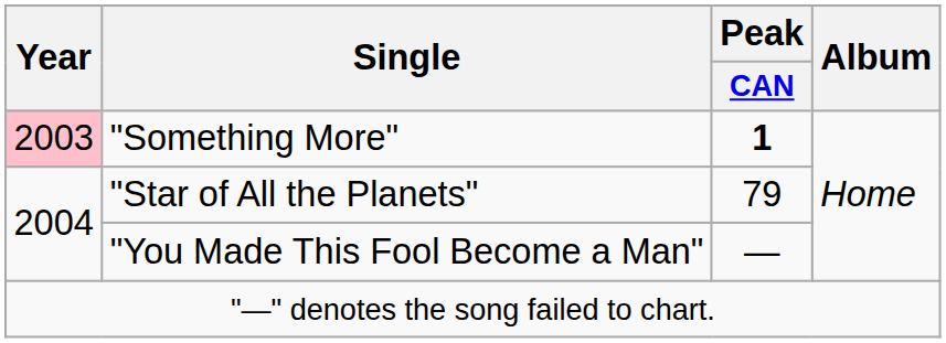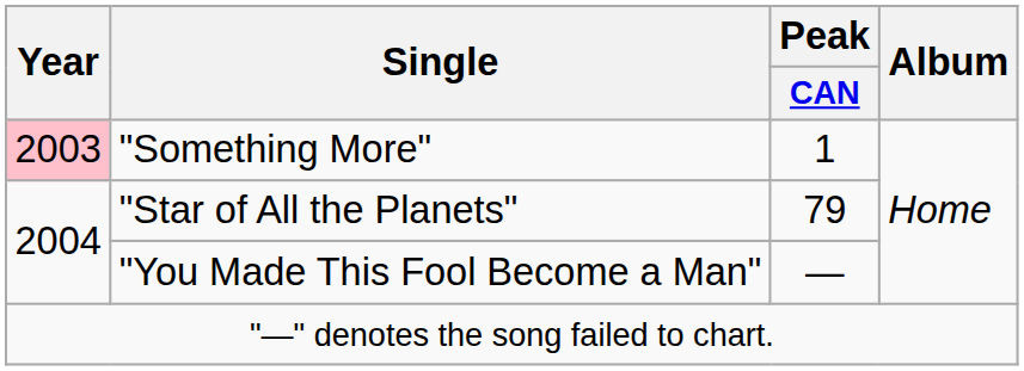 <table class="wikitable" style="text-align:center;">
 <tr>
 <th rowspan="2">Year</th>
 <th rowspan="2">Single</th>
 <th>Peak</th>
 <th rowspan="2">Album</th>
 </tr>
 <tr style="font-size:smaller;">
 <th style="width:30px;"><a href='#'>CAN</a></th>
 </tr>
 <tr>
 <td style="background: pink;">2003</td>
 <td style="text-align:left;">"Something More"</td>
-<td><strong>1</strong></td>
+<td>1</td>
 <td style="text-align:left;" rowspan="3"><em>Home</em></td>
 </tr>
 <tr>
 <td rowspan="2">2004</td>
 <td style="text-align:left;">"Star of All the Planets"</td>
 <td>79</td>
 </tr>
 <tr>
 <td>"You Made This Fool Become a Man"</td>
 <td>—</td>
 </tr>
 <tr>
 <td style="text-align:center;" colspan="8"><small>"—" denotes the song failed to chart.</small></td>
 </tr>
 </table>
